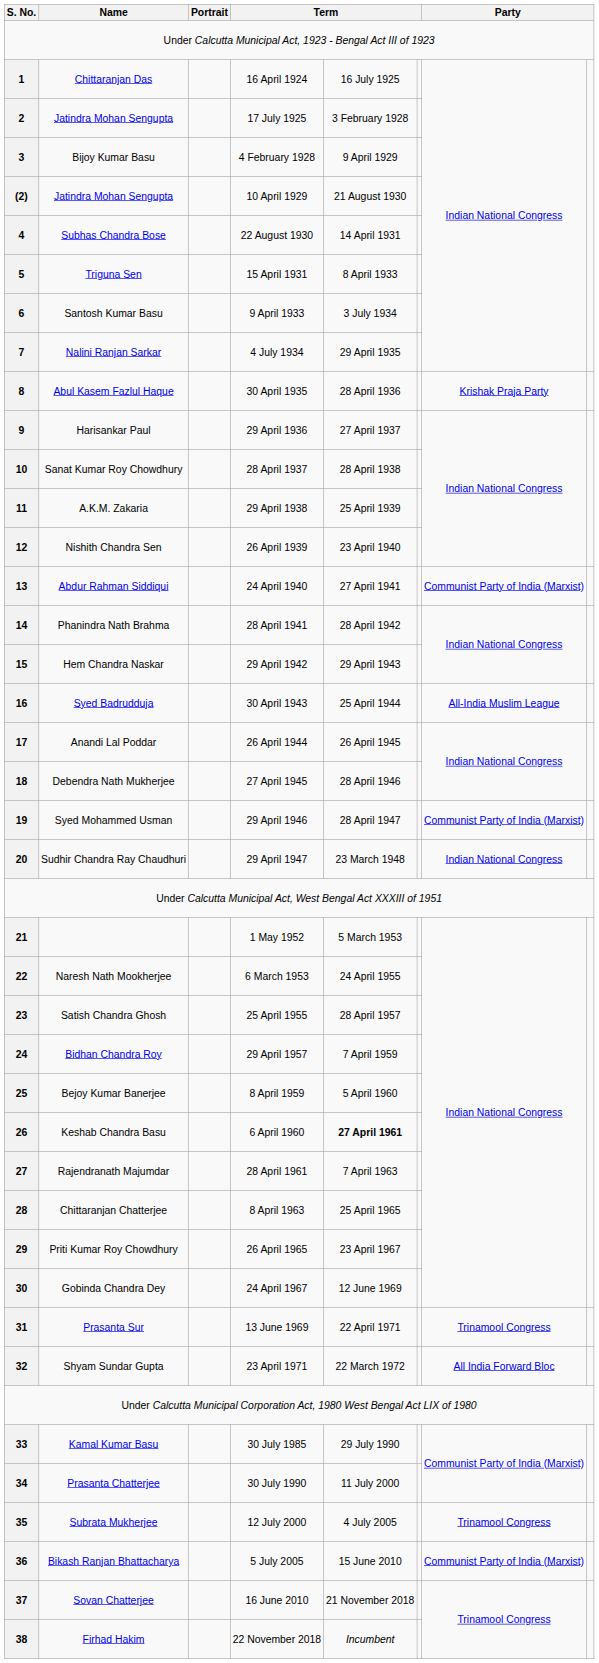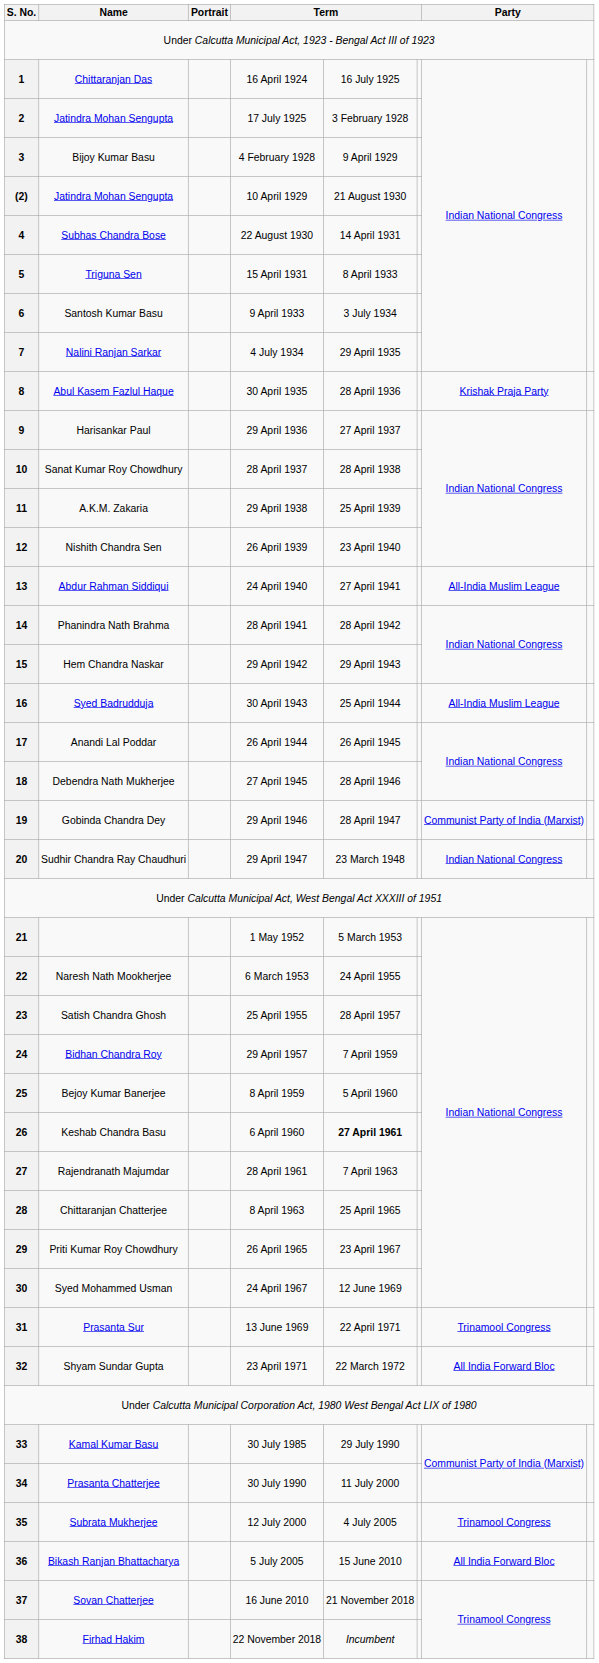 <table class="wikitable sortable">
 <tr>
 <th scope="col">S. No.</th>
 <th colspan=1>Name</th>
 <th colspan=1>Portrait</th>
 <th colspan=3>Term</th>
 <th colspan=2>Party</th>
 </tr>
 <tr style="text-align:center; height:60px;">
 <td colspan="8" align=center>Under <em>Calcutta Municipal Act, 1923 - Bengal Act III of 1923</em></td>
 </tr>
 <tr - style="text-align:center; height:60px;">
 <th>1</th>
 <td><a href='#'>Chittaranjan Das</a></td>
 <td></td>
 <td>16 April 1924</td>
 <td>16 July 1925</td>
 <td></td>
 <td rowspan="8"><a href='#'>Indian National Congress</a></td>
 <td width="4px" rowspan="8" style="background-color: "></td>
 </tr>
 <tr style="text-align:center; height:60px;">
 <th>2</th>
 <td><a href='#'>Jatindra Mohan Sengupta</a></td>
 <td></td>
 <td>17 July 1925</td>
 <td>3 February 1928</td>
 <td></td>
 </tr>
 <tr style="text-align:center; height:60px;">
 <th>3</th>
 <td>Bijoy Kumar Basu</td>
 <td></td>
 <td>4 February 1928</td>
 <td>9 April 1929</td>
 <td></td>
 </tr>
 <tr style="text-align:center; height:60px;">
 <th>(2)</th>
 <td><a href='#'>Jatindra Mohan Sengupta</a></td>
 <td></td>
 <td>10 April 1929</td>
 <td>21 August 1930</td>
 <td></td>
 </tr>
 <tr style="text-align:center; height:60px;">
 <th>4</th>
 <td><a href='#'>Subhas Chandra Bose</a></td>
 <td></td>
 <td>22 August 1930</td>
 <td>14 April 1931</td>
 <td></td>
 </tr>
 <tr style="text-align:center; height:60px;">
 <th>5</th>
 <td><a href='#'>Triguna Sen</a></td>
 <td></td>
 <td>15 April 1931</td>
 <td>8 April 1933</td>
 <td></td>
 </tr>
 <tr style="text-align:center; height:60px;">
 <th>6</th>
 <td>Santosh Kumar Basu</td>
 <td></td>
 <td>9 April 1933</td>
 <td>3 July 1934</td>
 <td></td>
 </tr>
 <tr style="text-align:center; height:60px;">
 <th>7</th>
 <td><a href='#'>Nalini Ranjan Sarkar</a></td>
 <td></td>
 <td>4 July 1934</td>
 <td>29 April 1935</td>
 <td></td>
 </tr>
 <tr style="text-align:center; height:60px;">
 <th>8</th>
 <td><a href='#'>Abul Kasem Fazlul Haque</a></td>
 <td></td>
 <td>30 April 1935</td>
 <td>28 April 1936</td>
 <td></td>
 <td><a href='#'>Krishak Praja Party</a></td>
 <td width="4px" style="background-color: "></td>
 </tr>
 <tr style="text-align:center; height:60px;">
 <th>9</th>
 <td>Harisankar Paul</td>
 <td></td>
 <td>29 April 1936</td>
 <td>27 April 1937</td>
 <td></td>
 <td rowspan="4"><a href='#'>Indian National Congress</a></td>
 <td width="4px" rowspan=4 style="background-color: "></td>
 </tr>
 <tr style="text-align:center; height:60px;">
 <th>10</th>
 <td>Sanat Kumar Roy Chowdhury</td>
 <td></td>
 <td>28 April 1937</td>
 <td>28 April 1938</td>
 <td></td>
 </tr>
 <tr style="text-align:center; height:60px;">
 <th>11</th>
 <td>A.K.M. Zakaria</td>
 <td></td>
 <td>29 April 1938</td>
 <td>25 April 1939</td>
 <td></td>
 </tr>
 <tr style="text-align:center; height:60px;">
 <th>12</th>
 <td>Nishith Chandra Sen</td>
 <td></td>
 <td>26 April 1939</td>
 <td>23 April 1940</td>
 <td></td>
 </tr>
 <tr style="text-align:center; height:60px;">
 <th>13</th>
 <td><a href='#'>Abdur Rahman Siddiqui</a></td>
 <td></td>
 <td>24 April 1940</td>
 <td>27 April 1941</td>
 <td></td>
-<td><a href='#'>Communist Party of India (Marxist)</a></td>
+<td><a href='#'>All-India Muslim League</a></td>
 <td width="4px" style="background-color: "></td>
 </tr>
 <tr style="text-align:center; height:60px;">
 <th>14</th>
 <td>Phanindra Nath Brahma</td>
 <td></td>
 <td>28 April 1941</td>
 <td>28 April 1942</td>
 <td></td>
 <td rowspan="2"><a href='#'>Indian National Congress</a></td>
 <td width="4px" rowspan=2 style="background-color: "></td>
 </tr>
 <tr style="text-align:center; height:60px;">
 <th>15</th>
 <td>Hem Chandra Naskar</td>
 <td></td>
 <td>29 April 1942</td>
 <td>29 April 1943</td>
 <td></td>
 </tr>
 <tr style="text-align:center; height:60px;">
 <th>16</th>
 <td><a href='#'>Syed Badrudduja</a></td>
 <td></td>
 <td>30 April 1943</td>
 <td>25 April 1944</td>
 <td></td>
 <td><a href='#'>All-India Muslim League</a></td>
 <td width="4px" style="background-color: "></td>
 </tr>
 <tr style="text-align:center; height:60px;">
 <th>17</th>
 <td>Anandi Lal Poddar</td>
 <td></td>
 <td>26 April 1944</td>
 <td>26 April 1945</td>
 <td></td>
 <td rowspan="2"><a href='#'>Indian National Congress</a></td>
 <td width="4px" rowspan=2 style="background-color: "></td>
 </tr>
 <tr style="text-align:center; height:60px;">
 <th>18</th>
 <td>Debendra Nath Mukherjee</td>
 <td></td>
 <td>27 April 1945</td>
 <td>28 April 1946</td>
 <td></td>
 </tr>
 <tr style="text-align:center; height:60px;">
 <th>19</th>
-<td>Syed Mohammed Usman</td>
+<td>Gobinda Chandra Dey</td>
 <td></td>
 <td>29 April 1946</td>
 <td>28 April 1947</td>
 <td></td>
 <td><a href='#'>Communist Party of India (Marxist)</a></td>
 <td width="4px" style="background-color: "></td>
 </tr>
 <tr style="text-align:center; height:60px;">
 <th>20</th>
 <td>Sudhir Chandra Ray Chaudhuri</td>
 <td></td>
 <td>29 April 1947</td>
 <td>23 March 1948</td>
 <td></td>
 <td><a href='#'>Indian National Congress</a></td>
 <td width="4px" style="background-color: "></td>
 </tr>
 <tr style="text-align:center; height:60px;">
 <td colspan="8" align=center>Under <em>Calcutta Municipal Act, West Bengal Act XXXIII of 1951</em></td>
 </tr>
 <tr style="text-align:center; height:60px;">
 <th>21</th>
 <td></td>
 <td></td>
 <td>1 May 1952</td>
 <td>5 March 1953</td>
 <td></td>
 <td rowspan="10"><a href='#'>Indian National Congress</a></td>
 <td width="4px" rowspan=10 style="background-color: "></td>
 </tr>
 <tr style="text-align:center; height:60px;">
 <th>22</th>
 <td>Naresh Nath Mookherjee</td>
 <td></td>
 <td>6 March 1953</td>
 <td>24 April 1955</td>
 <td></td>
 </tr>
 <tr style="text-align:center; height:60px;">
 <th>23</th>
 <td>Satish Chandra Ghosh</td>
 <td></td>
 <td>25 April 1955</td>
 <td>28 April 1957</td>
 <td></td>
 </tr>
 <tr style="text-align:center; height:60px;">
 <th>24</th>
 <td><a href='#'>Bidhan Chandra Roy</a></td>
 <td></td>
 <td>29 April 1957</td>
 <td>7 April 1959</td>
 <td></td>
 </tr>
 <tr style="text-align:center; height:60px;">
 <th>25</th>
 <td>Bejoy Kumar Banerjee</td>
 <td></td>
 <td>8 April 1959</td>
 <td>5 April 1960</td>
 <td></td>
 </tr>
 <tr style="text-align:center; height:60px;">
 <th>26</th>
 <td>Keshab Chandra Basu</td>
 <td></td>
 <td>6 April 1960</td>
 <td><strong>27 April 1961</strong></td>
 <td></td>
 </tr>
 <tr style="text-align:center; height:60px;">
 <th>27</th>
 <td>Rajendranath Majumdar</td>
 <td></td>
 <td>28 April 1961</td>
 <td>7 April 1963</td>
 <td></td>
 </tr>
 <tr style="text-align:center; height:60px;">
 <th>28</th>
 <td>Chittaranjan Chatterjee</td>
 <td></td>
 <td>8 April 1963</td>
 <td>25 April 1965</td>
 <td></td>
 </tr>
 <tr style="text-align:center; height:60px;">
 <th>29</th>
 <td>Priti Kumar Roy Chowdhury</td>
 <td></td>
 <td>26 April 1965</td>
 <td>23 April 1967</td>
 <td></td>
 </tr>
 <tr style="text-align:center; height:60px;">
 <th>30</th>
-<td>Gobinda Chandra Dey</td>
+<td>Syed Mohammed Usman</td>
 <td></td>
 <td>24 April 1967</td>
 <td>12 June 1969</td>
 <td></td>
 </tr>
 <tr style="text-align:center; height:60px;">
 <th>31</th>
 <td><a href='#'>Prasanta Sur</a></td>
 <td></td>
 <td>13 June 1969</td>
 <td>22 April 1971</td>
 <td></td>
 <td><a href='#'>Trinamool Congress</a></td>
 <td width="4px" style="background-color: "></td>
 </tr>
 <tr style="text-align:center; height:60px;">
 <th>32</th>
 <td>Shyam Sundar Gupta</td>
 <td></td>
 <td>23 April 1971</td>
 <td>22 March 1972</td>
 <td></td>
 <td><a href='#'>All India Forward Bloc</a></td>
 <td width="4px" style="background-color: "></td>
 </tr>
 <tr style="text-align:center; height:60px;">
 <td colspan="8" align=center>Under <em>Calcutta Municipal Corporation Act, 1980 West Bengal Act LIX of 1980</em></td>
 </tr>
 <tr style="text-align:center; height:60px;">
 <th>33</th>
 <td><a href='#'>Kamal Kumar Basu</a></td>
 <td></td>
 <td>30 July 1985</td>
 <td>29 July 1990</td>
 <td></td>
 <td rowspan="2"><a href='#'>Communist Party of India (Marxist)</a></td>
 <td width="4px" rowspan=2 style="background-color: "></td>
 </tr>
 <tr style="text-align:center; height:60px;">
 <th>34</th>
 <td><a href='#'>Prasanta Chatterjee</a></td>
 <td></td>
 <td>30 July 1990</td>
 <td>11 July 2000</td>
 <td></td>
 </tr>
 <tr style="text-align:center; height:60px;">
 <th>35</th>
 <td><a href='#'>Subrata Mukherjee</a></td>
 <td></td>
 <td>12 July 2000</td>
 <td>4 July 2005</td>
 <td></td>
 <td><a href='#'>Trinamool Congress</a></td>
 <td width="4px" style="background-color: "></td>
 </tr>
 <tr style="text-align:center; height:60px;">
 <th>36</th>
 <td><a href='#'>Bikash Ranjan Bhattacharya</a></td>
 <td></td>
 <td>5 July 2005</td>
 <td>15 June 2010</td>
 <td></td>
-<td><a href='#'>Communist Party of India (Marxist)</a></td>
+<td><a href='#'>All India Forward Bloc</a></td>
 <td width="4px" style="background-color: "></td>
 </tr>
 <tr style="text-align:center; height:60px;">
 <th>37</th>
 <td><a href='#'>Sovan Chatterjee</a></td>
 <td></td>
 <td>16 June 2010</td>
 <td>21 November 2018</td>
 <td></td>
 <td rowspan="2"><a href='#'>Trinamool Congress</a></td>
 <td width="4px" rowspan=2 style="background-color: "></td>
 </tr>
 <tr style="text-align:center; height:60px;">
 <th>38</th>
 <td><a href='#'>Firhad Hakim</a></td>
 <td></td>
 <td>22 November 2018</td>
 <td><em>Incumbent</em></td>
 <td></td>
 </tr>
 </table>
